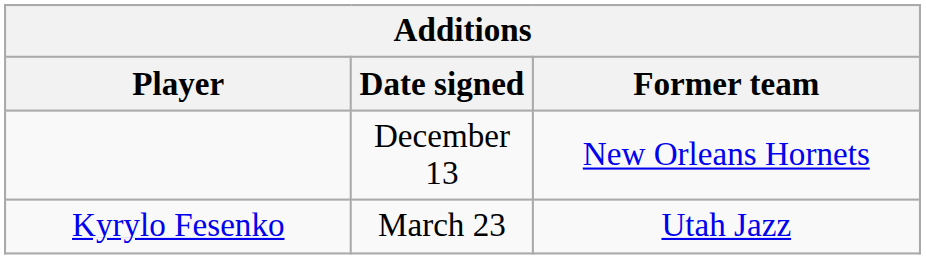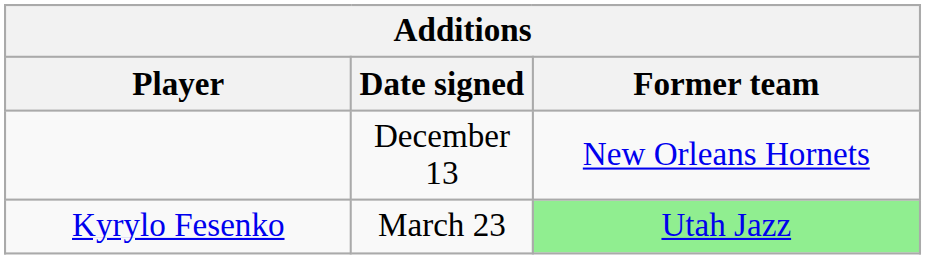 <table class="wikitable" style="text-align:center">
 <tr>
 <th colspan=3>Additions</th>
 </tr>
 <tr>
 <th style="width:160px">Player</th>
 <th style="width:80px">Date signed</th>
 <th style="width:180px">Former team</th>
 </tr>
 <tr>
 <td></td>
 <td>December 13</td>
 <td><a href='#'>New Orleans Hornets</a></td>
 </tr>
 <tr>
 <td><a href='#'>Kyrylo Fesenko</a></td>
 <td>March 23</td>
-<td><a href='#'>Utah Jazz</a></td>
+<td style="background: lightgreen;"><a href='#'>Utah Jazz</a></td>
 </tr>
 </table>
